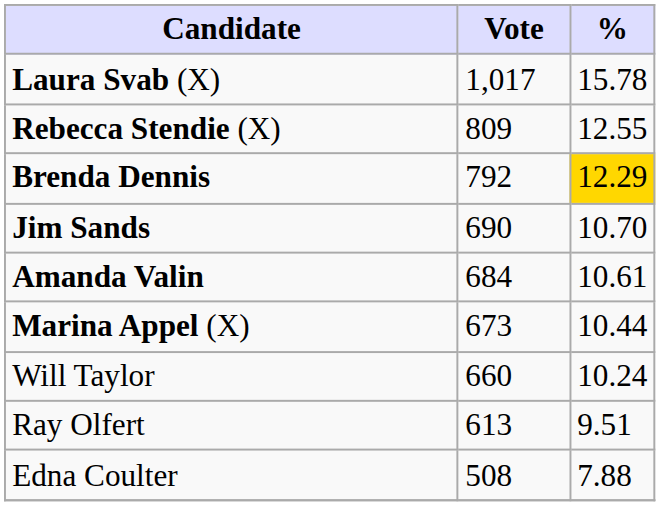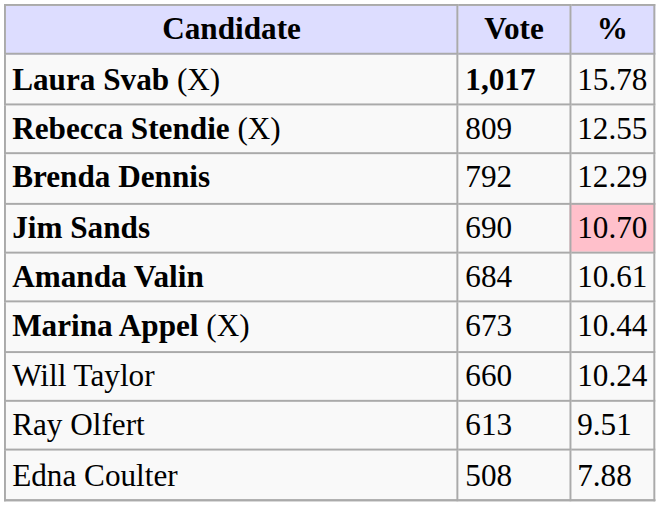 <table class="wikitable">
 <tr>
 <th style="background:#ddf; width:225px;">Candidate</th>
 <th style="background:#ddf; width:50px;">Vote</th>
 <th style="background:#ddf; width:30px;">%</th>
 </tr>
 <tr>
 <td><strong>Laura Svab</strong> (X)</td>
-<td>1,017</td>
+<td><strong>1,017</strong></td>
 <td>15.78</td>
 </tr>
 <tr>
 <td><strong>Rebecca Stendie</strong> (X)</td>
 <td>809</td>
 <td>12.55</td>
 </tr>
 <tr>
 <td><strong>Brenda Dennis</strong></td>
 <td>792</td>
-<td style="background: gold;">12.29</td>
+<td>12.29</td>
 </tr>
 <tr>
 <td><strong>Jim Sands</strong></td>
 <td>690</td>
-<td>10.70</td>
+<td style="background: pink;">10.70</td>
 </tr>
 <tr>
 <td><strong>Amanda Valin</strong></td>
 <td>684</td>
 <td>10.61</td>
 </tr>
 <tr>
 <td><strong>Marina Appel</strong> (X)</td>
 <td>673</td>
 <td>10.44</td>
 </tr>
 <tr>
 <td>Will Taylor</td>
 <td>660</td>
 <td>10.24</td>
 </tr>
 <tr>
 <td>Ray Olfert</td>
 <td>613</td>
 <td>9.51</td>
 </tr>
 <tr>
 <td>Edna Coulter</td>
 <td>508</td>
 <td>7.88</td>
 </tr>
 <tr>
 </tr>
 </table>
